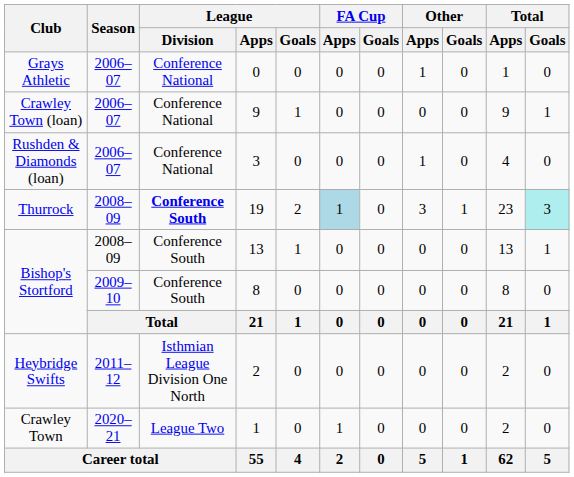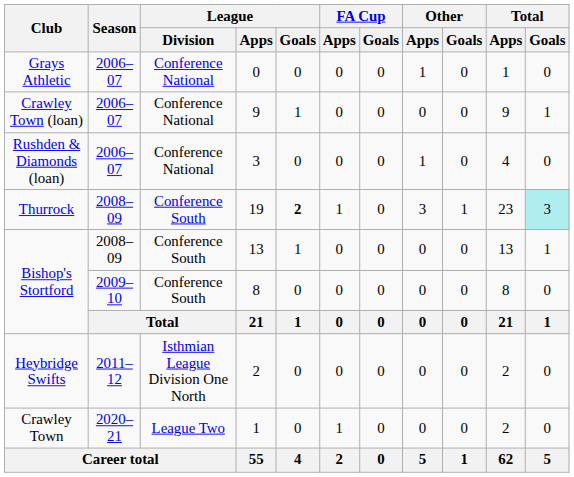 <table class="wikitable" style="text-align: center">
 <tr>
 <th rowspan="2">Club</th>
 <th rowspan="2">Season</th>
 <th colspan="3">League</th>
 <th colspan="2"><a href='#'>FA Cup</a></th>
 <th colspan="2">Other</th>
 <th colspan="2">Total</th>
 </tr>
 <tr>
 <th>Division</th>
 <th>Apps</th>
 <th>Goals</th>
 <th>Apps</th>
 <th>Goals</th>
 <th>Apps</th>
 <th>Goals</th>
 <th>Apps</th>
 <th>Goals</th>
 </tr>
 <tr>
 <td><a href='#'>Grays Athletic</a></td>
 <td><a href='#'>2006–07</a></td>
 <td><a href='#'>Conference National</a></td>
 <td>0</td>
 <td>0</td>
 <td>0</td>
 <td>0</td>
 <td>1</td>
 <td>0</td>
 <td>1</td>
 <td>0</td>
 </tr>
 <tr>
 <td><a href='#'>Crawley Town</a> (loan)</td>
 <td><a href='#'>2006–07</a></td>
 <td>Conference National</td>
 <td>9</td>
 <td>1</td>
 <td>0</td>
 <td>0</td>
 <td>0</td>
 <td>0</td>
 <td>9</td>
 <td>1</td>
 </tr>
 <tr>
 <td><a href='#'>Rushden & Diamonds</a> (loan)</td>
 <td><a href='#'>2006–07</a></td>
 <td>Conference National</td>
 <td>3</td>
 <td>0</td>
 <td>0</td>
 <td>0</td>
 <td>1</td>
 <td>0</td>
 <td>4</td>
 <td>0</td>
 </tr>
 <tr>
 <td><a href='#'>Thurrock</a></td>
 <td><a href='#'>2008–09</a></td>
-<td><strong><a href='#'>Conference South</a></strong></td>
+<td><a href='#'>Conference South</a></td>
 <td>19</td>
-<td>2</td>
-<td style="background: lightblue;">1</td>
+<td><strong>2</strong></td>
+<td>1</td>
 <td>0</td>
 <td>3</td>
 <td>1</td>
 <td>23</td>
 <td style="background: paleturquoise;">3</td>
 </tr>
 <tr>
 <td rowspan="3"><a href='#'>Bishop's Stortford</a></td>
 <td>2008–09</td>
 <td>Conference South</td>
 <td>13</td>
 <td>1</td>
 <td>0</td>
 <td>0</td>
 <td>0</td>
 <td>0</td>
 <td>13</td>
 <td>1</td>
 </tr>
 <tr>
 <td><a href='#'>2009–10</a></td>
 <td>Conference South</td>
 <td>8</td>
 <td>0</td>
 <td>0</td>
 <td>0</td>
 <td>0</td>
 <td>0</td>
 <td>8</td>
 <td>0</td>
 </tr>
 <tr>
 <th colspan="2">Total</th>
 <th>21</th>
 <th>1</th>
 <th>0</th>
 <th>0</th>
 <th>0</th>
 <th>0</th>
 <th>21</th>
 <th>1</th>
 </tr>
 <tr>
 <td><a href='#'>Heybridge Swifts</a></td>
 <td><a href='#'>2011–12</a></td>
 <td><a href='#'>Isthmian League</a> Division One North</td>
 <td>2</td>
 <td>0</td>
 <td>0</td>
 <td>0</td>
 <td>0</td>
 <td>0</td>
 <td>2</td>
 <td>0</td>
 </tr>
 <tr>
 <td>Crawley Town</td>
 <td><a href='#'>2020–21</a></td>
 <td><a href='#'>League Two</a></td>
 <td>1</td>
 <td>0</td>
 <td>1</td>
 <td>0</td>
 <td>0</td>
 <td>0</td>
 <td>2</td>
 <td>0</td>
 </tr>
 <tr>
 <th colspan="3">Career total</th>
 <th>55</th>
 <th>4</th>
 <th>2</th>
 <th>0</th>
 <th>5</th>
 <th>1</th>
 <th>62</th>
 <th>5</th>
 </tr>
 </table>
